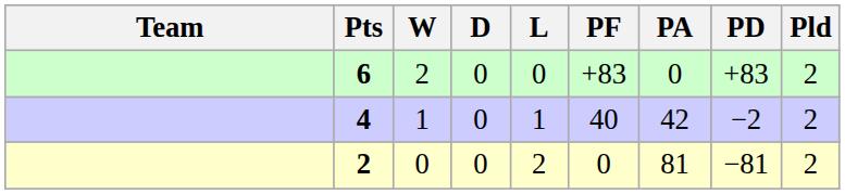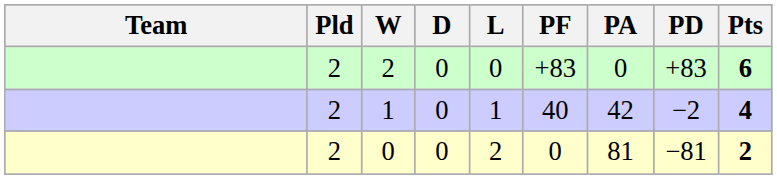 <table class="wikitable" style="text-align:center;">
 <tr>
 <th width=175>Team</th>
-<th width=25 abbr="Points">Pts</th>
+<th width=25 abbr="Played">Pld</th>
 <th width=25 abbr="Won">W</th>
 <th width=25 abbr="Drawn">D</th>
 <th width=25 abbr="Lost">L</th>
 <th width=32 abbr="Points for">PF</th>
 <th width=32 abbr="Points against">PA</th>
 <th width=32 abbr="Points difference">PD</th>
-<th width=25 abbr="Played">Pld</th>
+<th width=25 abbr="Points">Pts</th>
 </tr>
 <tr bgcolor=ccffcc>
 <td align=left></td>
-<td><strong>6</strong></td>
+<td>2</td>
 <td>2</td>
 <td>0</td>
 <td>0</td>
 <td>+83</td>
 <td>0</td>
 <td>+83</td>
-<td>2</td>
+<td><strong>6</strong></td>
 </tr>
 <tr bgcolor=ccccff>
 <td align=left></td>
-<td><strong>4</strong></td>
+<td>2</td>
 <td>1</td>
 <td>0</td>
 <td>1</td>
 <td>40</td>
 <td>42</td>
 <td>−2</td>
-<td>2</td>
+<td><strong>4</strong></td>
 </tr>
 <tr bgcolor=ffffcc>
 <td align=left></td>
-<td><strong>2</strong></td>
+<td>2</td>
 <td>0</td>
 <td>0</td>
 <td>2</td>
 <td>0</td>
 <td>81</td>
 <td>−81</td>
-<td>2</td>
+<td><strong>2</strong></td>
 </tr>
 </table>
